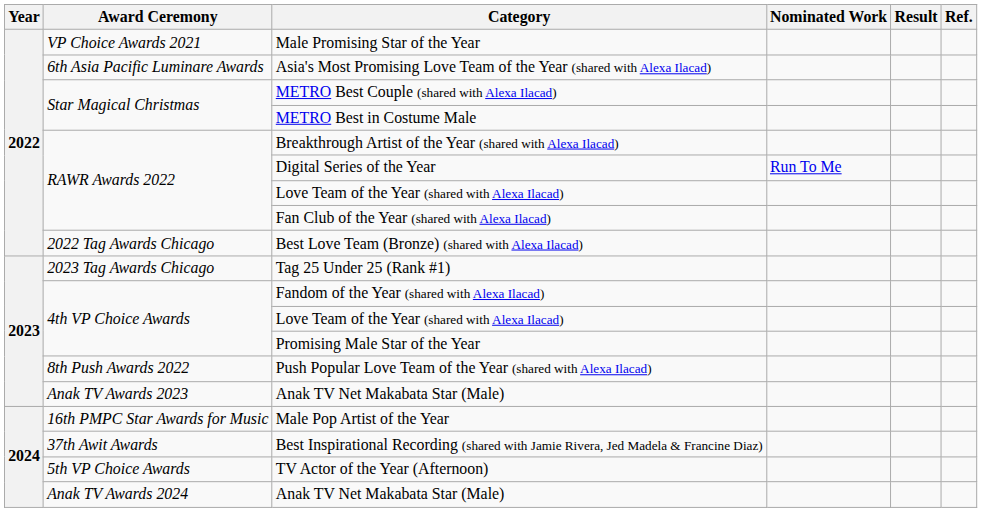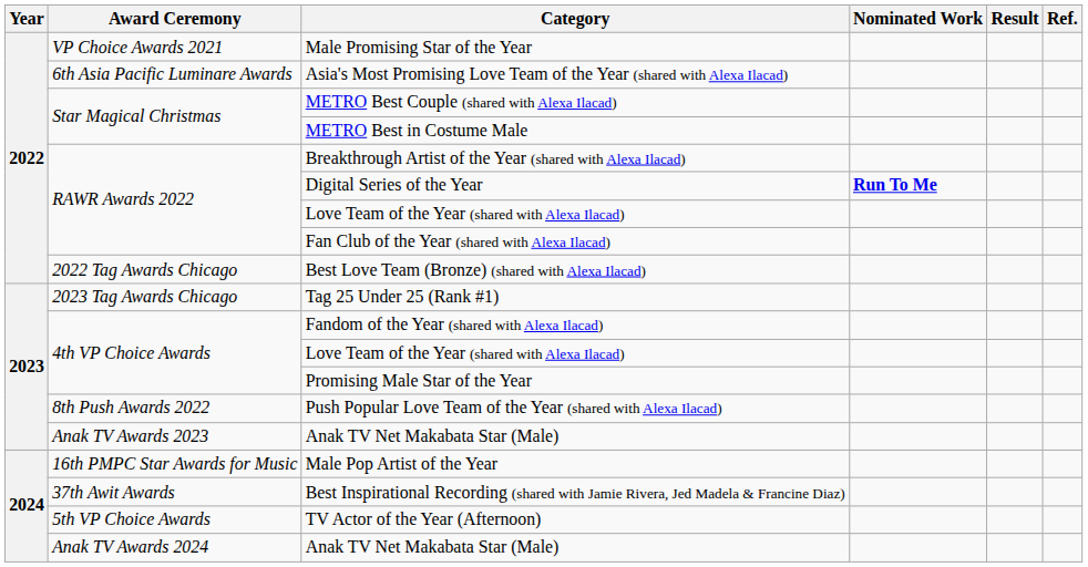 <table class="wikitable">
 <tr>
 <th>Year</th>
 <th>Award Ceremony</th>
 <th>Category</th>
 <th>Nominated Work</th>
 <th>Result</th>
 <th>Ref.</th>
 </tr>
 <tr>
 <th rowspan="9">2022</th>
 <td><em>VP Choice Awards 2021</em></td>
 <td>Male Promising Star of the Year</td>
 <td></td>
 <td></td>
 <td></td>
 </tr>
 <tr>
 <td><em>6th Asia Pacific Luminare Awards</em></td>
 <td>Asia's Most Promising Love Team of the Year <small>(shared with <a href='#'>Alexa Ilacad</a>)</small></td>
 <td></td>
 <td></td>
 <td></td>
 </tr>
 <tr>
 <td rowspan="2"><em>Star Magical Christmas</em></td>
 <td><a href='#'>METRO</a> Best Couple <small>(shared with <a href='#'>Alexa Ilacad</a>)</small></td>
 <td></td>
 <td></td>
 <td></td>
 </tr>
 <tr>
 <td><a href='#'>METRO</a> Best in Costume Male</td>
 <td></td>
 <td></td>
 <td></td>
 </tr>
 <tr>
 <td rowspan="4"><em>RAWR Awards 2022</em></td>
 <td>Breakthrough Artist of the Year <small>(shared with <a href='#'>Alexa Ilacad</a>)</small></td>
 <td></td>
 <td></td>
 <td></td>
 </tr>
 <tr>
 <td>Digital Series of the Year</td>
-<td><a href='#'>Run To Me</a></td>
+<td><strong><a href='#'>Run To Me</a></strong></td>
 <td></td>
 <td></td>
 </tr>
 <tr>
 <td>Love Team of the Year <small>(shared with <a href='#'>Alexa Ilacad</a>)</small></td>
 <td></td>
 <td></td>
 <td></td>
 </tr>
 <tr>
 <td>Fan Club of the Year <small>(shared with <a href='#'>Alexa Ilacad</a>)</small></td>
 <td></td>
 <td></td>
 <td></td>
 </tr>
 <tr>
 <td><em>2022 Tag Awards Chicago</em></td>
 <td>Best Love Team (Bronze) <small>(shared with <a href='#'>Alexa Ilacad</a>)</small></td>
 <td></td>
 <td></td>
 <td></td>
 </tr>
 <tr>
 <th rowspan="6">2023</th>
 <td><em>2023 Tag Awards Chicago</em></td>
 <td>Tag 25 Under 25 (Rank #1)</td>
 <td></td>
 <td></td>
 <td></td>
 </tr>
 <tr>
 <td rowspan="3"><em>4th VP Choice Awards</em></td>
 <td>Fandom of the Year <small>(shared with <a href='#'>Alexa Ilacad</a>)</small></td>
 <td></td>
 <td></td>
 <td></td>
 </tr>
 <tr>
 <td>Love Team of the Year <small>(shared with <a href='#'>Alexa Ilacad</a>)</small></td>
 <td></td>
 <td></td>
 <td></td>
 </tr>
 <tr>
 <td>Promising Male Star of the Year</td>
 <td></td>
 <td></td>
 <td></td>
 </tr>
 <tr>
 <td><em>8th Push Awards 2022</em></td>
 <td>Push Popular Love Team of the Year <small>(shared with <a href='#'>Alexa Ilacad</a>)</small></td>
 <td></td>
 <td></td>
 <td></td>
 </tr>
 <tr>
 <td><em>Anak TV Awards 2023</em></td>
 <td>Anak TV Net Makabata Star (Male)</td>
 <td></td>
 <td></td>
 <td></td>
 </tr>
 <tr>
 <th rowspan="4">2024</th>
 <td><em>16th PMPC Star Awards for Music</em></td>
 <td>Male Pop Artist of the Year</td>
 <td></td>
 <td></td>
 <td></td>
 </tr>
 <tr>
 <td><em>37th Awit Awards</em></td>
 <td>Best Inspirational Recording <small>(shared with Jamie Rivera, Jed Madela & Francine Diaz)</small></td>
 <td></td>
 <td></td>
 <td></td>
 </tr>
 <tr>
 <td><em>5th VP Choice Awards</em></td>
 <td>TV Actor of the Year (Afternoon)</td>
 <td></td>
 <td></td>
 <td></td>
 </tr>
 <tr>
 <td><em>Anak TV Awards 2024</em></td>
 <td>Anak TV Net Makabata Star (Male)</td>
 <td></td>
 <td></td>
 <td></td>
 </tr>
 </table>
